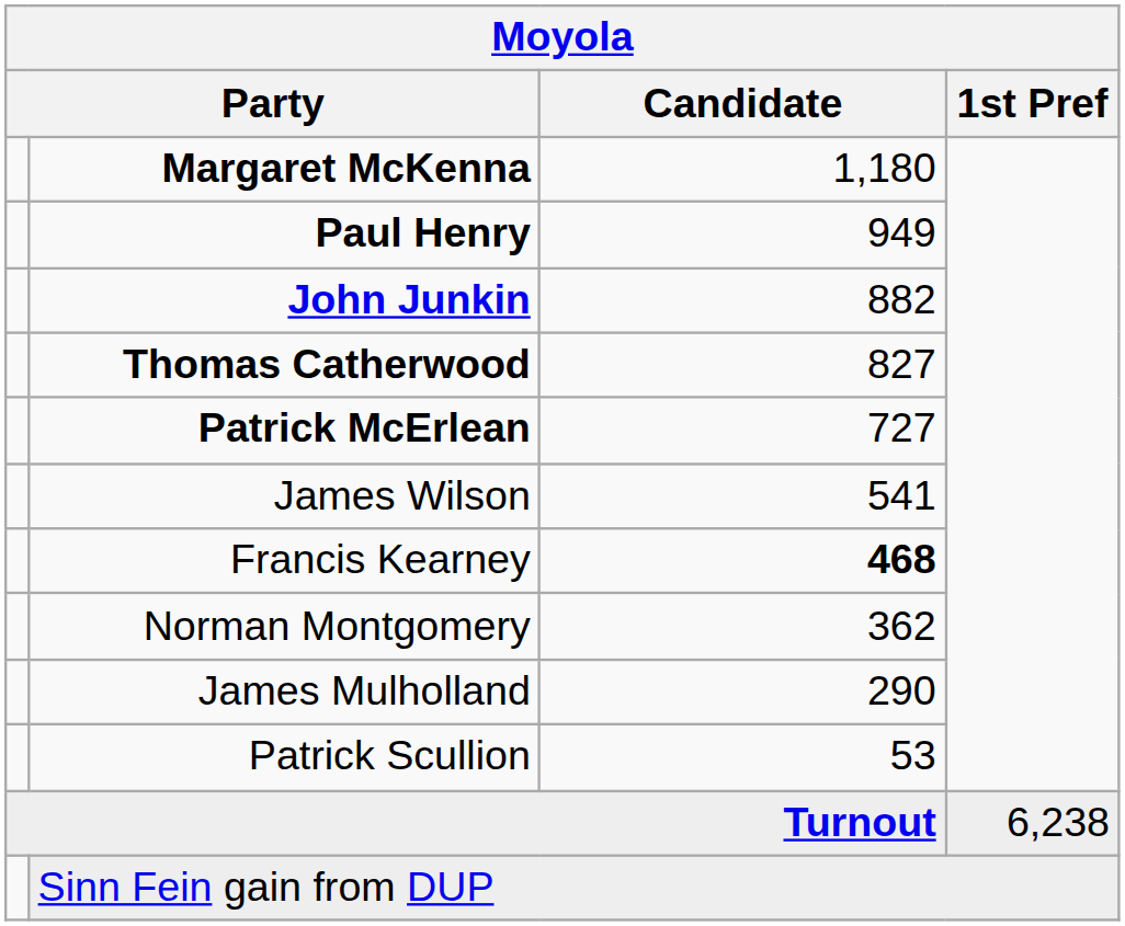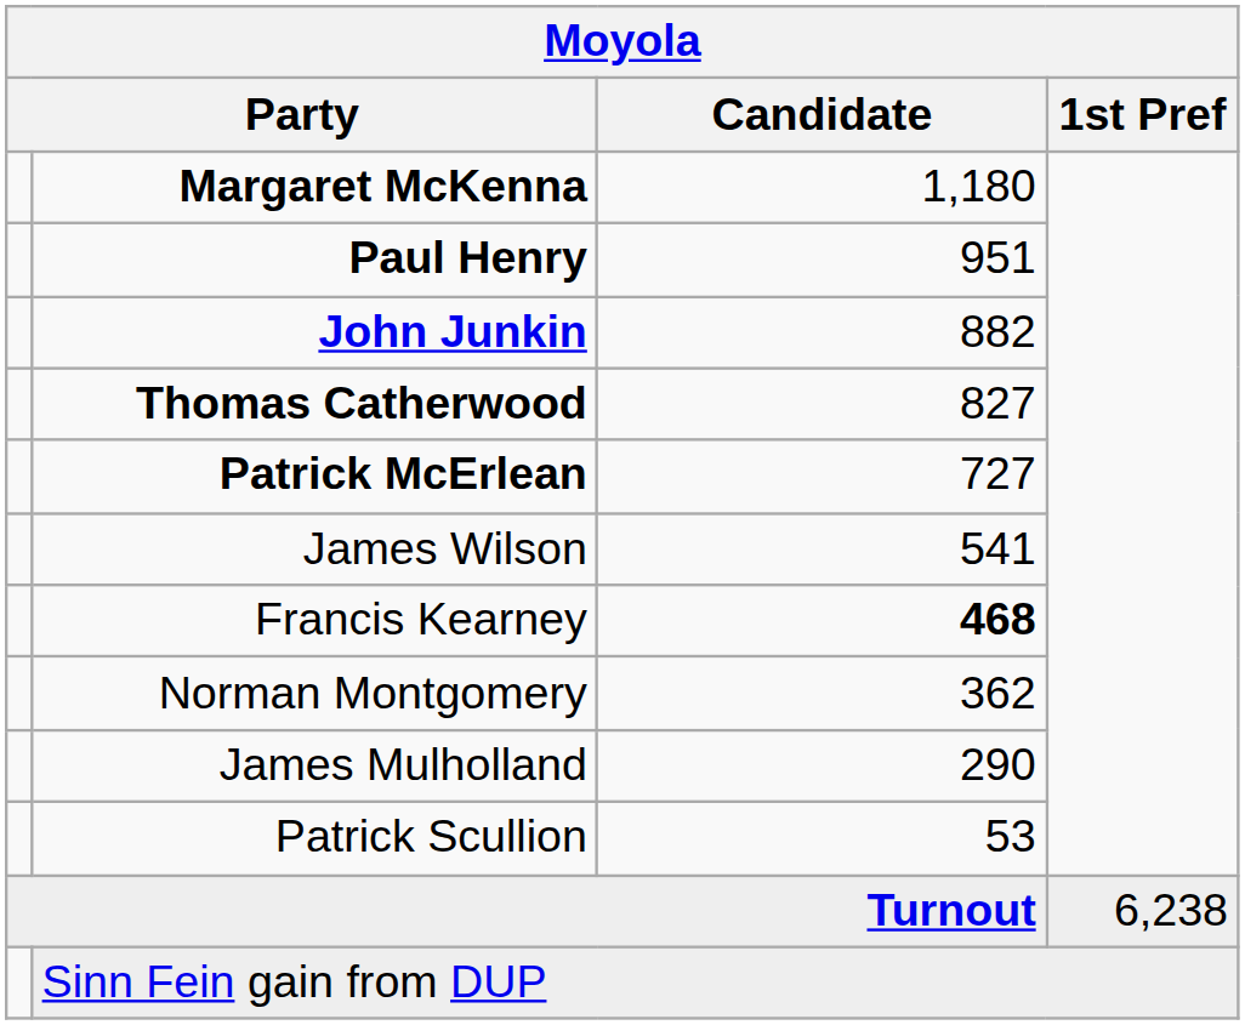 <table class="wikitable">
 <tr>
 <th colspan="4" align="center"><a href='#'>Moyola</a></th>
 </tr>
 <tr>
 <th colspan="2" align="center" width=200>Party</th>
 <th width=150>Candidate</th>
 <th width=60>1st Pref</th>
 </tr>
 <tr>
 <td></td>
 <td align="right"><strong>Margaret McKenna</strong></td>
 <td align="right">1,180</td>
 </tr>
 <tr>
 <td></td>
 <td align="right"><strong>Paul Henry</strong></td>
-<td align="right">949</td>
+<td align="right">951</td>
 </tr>
 <tr>
 <td></td>
 <td align="right"><strong><a href='#'>John Junkin</a></strong></td>
 <td align="right">882</td>
 </tr>
 <tr>
 <td></td>
 <td align="right"><strong>Thomas Catherwood</strong></td>
 <td align="right">827</td>
 </tr>
 <tr>
 <td></td>
 <td align="right"><strong>Patrick McErlean</strong></td>
 <td align="right">727</td>
 </tr>
 <tr>
 <td></td>
 <td align="right">James Wilson</td>
 <td align="right">541</td>
 </tr>
 <tr>
 <td></td>
 <td align="right">Francis Kearney</td>
 <td align="right"><strong>468</strong></td>
 </tr>
 <tr>
 <td></td>
 <td align="right">Norman Montgomery</td>
 <td align="right">362</td>
 </tr>
 <tr>
 <td></td>
 <td align="right">James Mulholland</td>
 <td align="right">290</td>
 </tr>
 <tr>
 <td></td>
 <td align="right">Patrick Scullion</td>
 <td align="right">53</td>
 </tr>
 <tr bgcolor="EEEEEE">
 <td colspan=3 align="right"><strong><a href='#'>Turnout</a></strong></td>
 <td align="right">6,238</td>
 </tr>
 <tr>
 <td style="color:inherit;background:"></td>
 <td colspan=3 bgcolor="EEEEEE"><a href='#'>Sinn Fein</a> gain from <a href='#'>DUP</a></td>
 </tr>
 </table>
